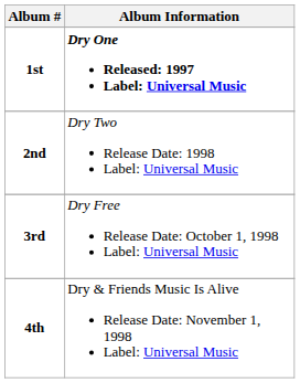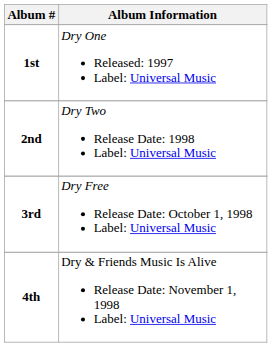 <table class="wikitable">
 <tr>
 <th align-"left">Album #</th>
 <th align="left" width="250px">Album Information</th>
 </tr>
 <tr>
 </tr>
 <tr bgcolor="#FFFFFF">
 <td align="center"><strong>1st</strong></td>
-<td align="left"><strong><em>Dry One</em><br><ul><li>Released: 1997</li><li>Label: <a href='#'>Universal Music</a></li></ul></strong></td>
+<td align="left"><em>Dry One</em><br><ul><li>Released: 1997</li><li>Label: <a href='#'>Universal Music</a></li></ul></td>
 </tr>
 <tr>
 </tr>
 <tr bgcolor="#FFFFFF">
 <td align="center"><strong>2nd</strong></td>
 <td align="left"><em>Dry Two</em><br><ul><li>Release Date: 1998</li><li>Label: <a href='#'>Universal Music</a></li></ul></td>
 </tr>
 <tr>
 </tr>
 <tr bgcolor="#FFFFFF">
 <td align="center"><strong>3rd</strong></td>
 <td align="left"><em>Dry Free</em><br><ul><li>Release Date: October 1, 1998</li><li>Label: <a href='#'>Universal Music</a></li></ul></td>
 </tr>
 <tr>
 </tr>
 <tr bgcolor="#FFFFFF">
 <td align="center"><strong>4th</strong></td>
 <td align="left">Dry & Friends Music Is Alive<br><ul><li>Release Date: November 1, 1998</li><li>Label: <a href='#'>Universal Music</a></li></ul></td>
 </tr>
 </table>
